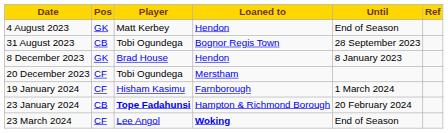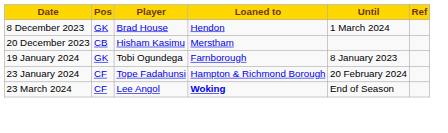 <table class="wikitable plainrowheaders sortable">
 <tr>
 <th style="background:#FFD700; color:#6A350F; ">Date</th>
 <th style="background:#FFD700; color:#6A350F; ">Pos</th>
 <th style="background:#FFD700; color:#6A350F; ">Player</th>
 <th style="background:#FFD700; color:#6A350F; ">Loaned to</th>
 <th style="background:#FFD700; color:#6A350F; ">Until</th>
 <th style="background:#FFD700; color:#6A350F; ">Ref</th>
 </tr>
 <tr>
-<td>4 August 2023</td>
-<td><a href='#'>GK</a></td>
-<td> Matt Kerbey</td>
-<td> <a href='#'>Hendon</a></td>
-<td>End of Season</td>
-<td></td>
-</tr>
-<tr>
-<td>31 August 2023</td>
-<td><a href='#'>CB</a></td>
-<td> Tobi Ogundega</td>
-<td> <a href='#'>Bognor Regis Town</a></td>
-<td>28 September 2023</td>
-<td></td>
-</tr>
-<tr>
 <td>8 December 2023</td>
 <td><a href='#'>GK</a></td>
 <td> <a href='#'>Brad House</a></td>
 <td> <a href='#'>Hendon</a></td>
-<td>8 January 2023</td>
+<td>1 March 2024</td>
 <td></td>
 </tr>
 <tr>
 <td>20 December 2023</td>
-<td><a href='#'>CF</a></td>
-<td> Tobi Ogundega</td>
+<td><a href='#'>CB</a></td>
+<td> <a href='#'>Hisham Kasimu</a></td>
 <td> <a href='#'>Merstham</a></td>
 <td></td>
 <td></td>
 </tr>
 <tr>
 <td>19 January 2024</td>
-<td><a href='#'>CF</a></td>
-<td> <a href='#'>Hisham Kasimu</a></td>
+<td><a href='#'>GK</a></td>
+<td> Tobi Ogundega</td>
 <td> <a href='#'>Farnborough</a></td>
-<td>1 March 2024</td>
+<td>8 January 2023</td>
 <td></td>
 </tr>
 <tr>
 <td>23 January 2024</td>
-<td><a href='#'>CB</a></td>
-<td><strong> <a href='#'>Tope Fadahunsi</a></strong></td>
+<td><a href='#'>CF</a></td>
+<td> <a href='#'>Tope Fadahunsi</a></td>
 <td> <a href='#'>Hampton & Richmond Borough</a></td>
 <td>20 February 2024</td>
 <td></td>
 </tr>
 <tr>
 <td>23 March 2024</td>
 <td><a href='#'>CF</a></td>
 <td> <a href='#'>Lee Angol</a></td>
 <td><strong> <a href='#'>Woking</a></strong></td>
 <td>End of Season</td>
 <td></td>
 </tr>
 </table>
